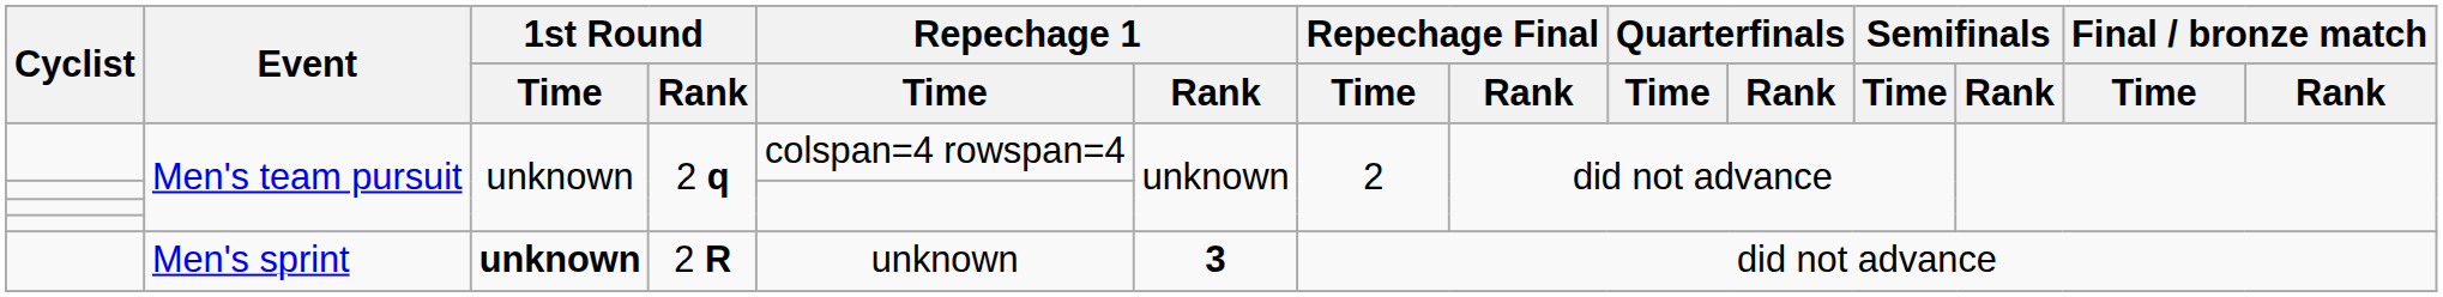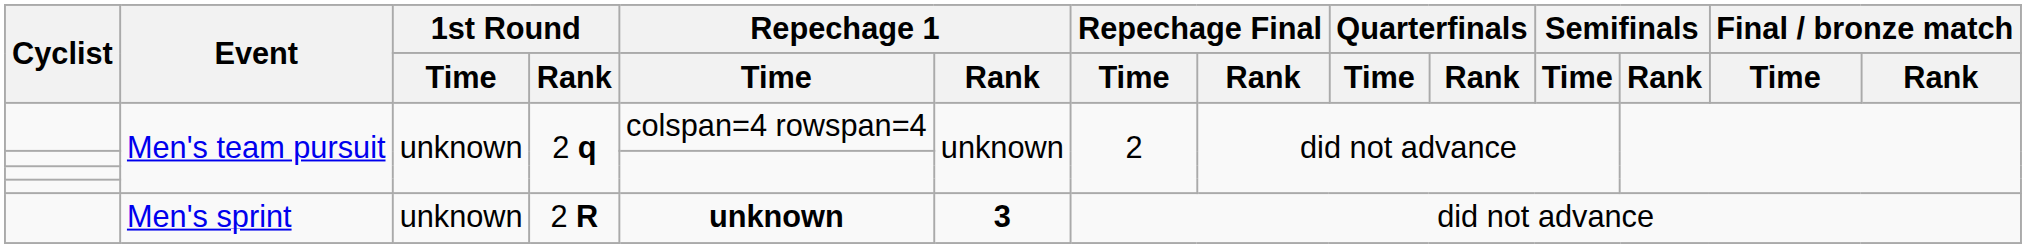 <table class="wikitable sortable" style=text-align:center>
 <tr>
 <th rowspan=2>Cyclist</th>
 <th rowspan=2>Event</th>
 <th colspan=2>1st Round</th>
 <th colspan=2>Repechage 1</th>
 <th colspan=2>Repechage Final</th>
 <th colspan=2>Quarterfinals</th>
 <th colspan=2>Semifinals</th>
 <th colspan=2>Final / bronze match</th>
 </tr>
 <tr>
 <th>Time</th>
 <th>Rank</th>
 <th>Time</th>
 <th>Rank</th>
 <th>Time</th>
 <th>Rank</th>
 <th>Time</th>
 <th>Rank</th>
 <th>Time</th>
 <th>Rank</th>
 <th>Time</th>
 <th>Rank</th>
 </tr>
 <tr>
 <td align=left></td>
 <td align=left rowspan=4><a href='#'>Men's team pursuit</a></td>
 <td rowspan=4>unknown</td>
 <td rowspan=4>2 <strong>q</strong></td>
 <td>colspan=4 rowspan=4 </td>
 <td rowspan=4>unknown</td>
 <td rowspan=4>2</td>
 <td colspan=4 rowspan=4>did not advance</td>
 </tr>
 <tr>
 <td align=left></td>
 </tr>
 <tr>
 <td align=left></td>
 </tr>
 <tr>
 <td align=left></td>
 </tr>
 <tr>
 <td align=left></td>
 <td align=left><a href='#'>Men's sprint</a></td>
+<td>unknown</td>
+<td>2 <strong>R</strong></td>
 <td><strong>unknown</strong></td>
-<td>2 <strong>R</strong></td>
-<td>unknown</td>
 <td><strong>3</strong></td>
 <td colspan=8>did not advance</td>
 </tr>
 </table>
